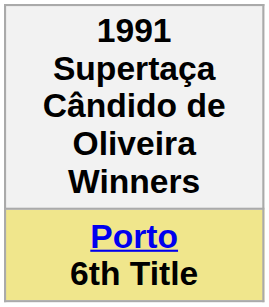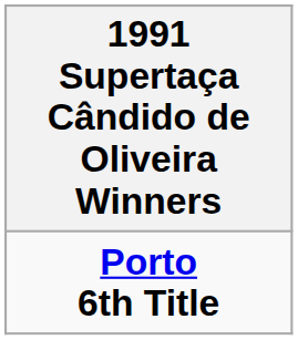 <table class="wikitable" style="text-align: center; margin: 0 auto; width: 20%">
 <tr>
 <th>1991 Supertaça Cândido de Oliveira Winners</th>
 </tr>
 <tr>
-<td style="background: khaki;"><strong><a href='#'>Porto</a></strong><br><strong>6th Title</strong></td>
+<td><strong><a href='#'>Porto</a></strong><br><strong>6th Title</strong></td>
 </tr>
 </table>
